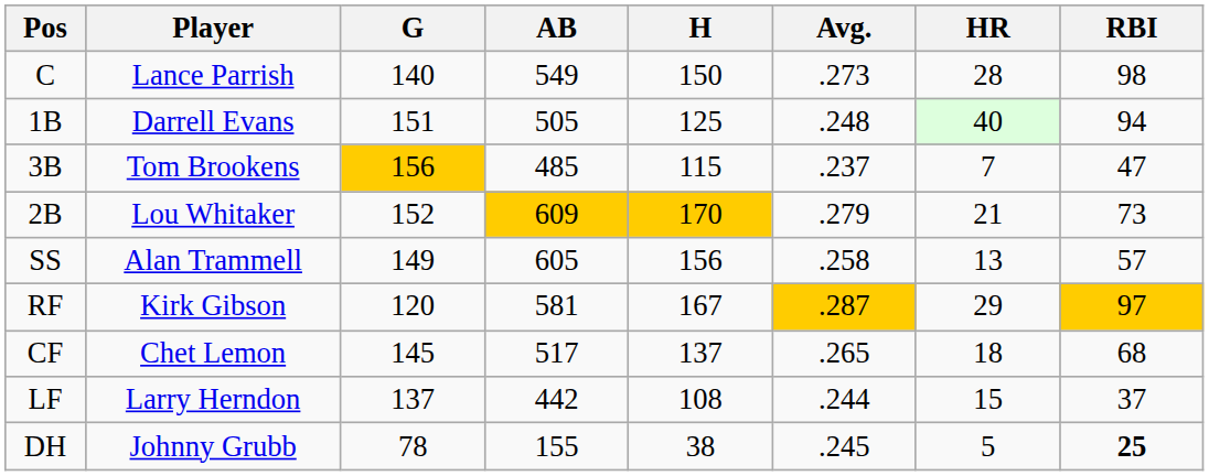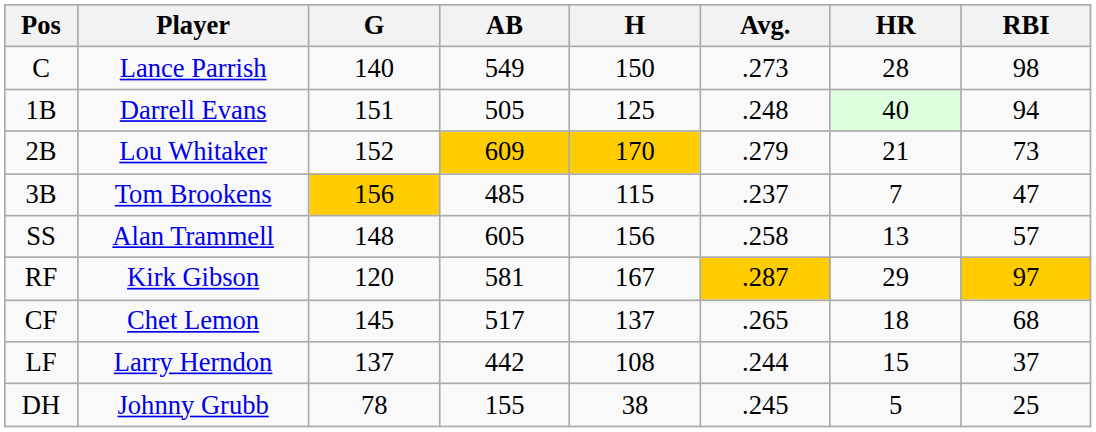 <table class="wikitable sortable">
 <tr>
 <th bgcolor="#DDDDFF" width="5%">Pos</th>
 <th bgcolor="#DDDDFF" width="16%">Player</th>
 <th bgcolor="#DDDDFF" width="9%">G</th>
 <th bgcolor="#DDDDFF" width="9%">AB</th>
 <th bgcolor="#DDDDFF" width="9%">H</th>
 <th bgcolor="#DDDDFF" width="9%">Avg.</th>
 <th bgcolor="#DDDDFF" width="9%">HR</th>
 <th bgcolor="#DDDDFF" width="9%">RBI</th>
 </tr>
 <tr align="center">
 <td>C</td>
 <td><a href='#'>Lance Parrish</a></td>
 <td>140</td>
 <td>549</td>
 <td>150</td>
 <td>.273</td>
 <td>28</td>
 <td>98</td>
 </tr>
 <tr align="center">
 <td>1B</td>
 <td><a href='#'>Darrell Evans</a></td>
 <td>151</td>
 <td>505</td>
 <td>125</td>
 <td>.248</td>
 <td style="background:#DDFFDD;">40</td>
 <td>94</td>
 </tr>
 <tr align="center">
+<td>2B</td>
+<td><a href='#'>Lou Whitaker</a></td>
+<td>152</td>
+<td style="background:#fc0;">609</td>
+<td style="background:#fc0;">170</td>
+<td>.279</td>
+<td>21</td>
+<td>73</td>
+</tr>
+<tr align="center">
 <td>3B</td>
 <td><a href='#'>Tom Brookens</a></td>
 <td style="background:#fc0;">156</td>
 <td>485</td>
 <td>115</td>
 <td>.237</td>
 <td>7</td>
 <td>47</td>
 </tr>
 <tr align="center">
-<td>2B</td>
-<td><a href='#'>Lou Whitaker</a></td>
-<td>152</td>
-<td style="background:#fc0;">609</td>
-<td style="background:#fc0;">170</td>
-<td>.279</td>
-<td>21</td>
-<td>73</td>
-</tr>
-<tr align="center">
 <td>SS</td>
 <td><a href='#'>Alan Trammell</a></td>
-<td>149</td>
+<td>148</td>
 <td>605</td>
 <td>156</td>
 <td>.258</td>
 <td>13</td>
 <td>57</td>
 </tr>
 <tr align="center">
 <td>RF</td>
 <td><a href='#'>Kirk Gibson</a></td>
 <td>120</td>
 <td>581</td>
 <td>167</td>
 <td style="background:#fc0;">.287</td>
 <td>29</td>
 <td style="background:#fc0;">97</td>
 </tr>
 <tr align="center">
 <td>CF</td>
 <td><a href='#'>Chet Lemon</a></td>
 <td>145</td>
 <td>517</td>
 <td>137</td>
 <td>.265</td>
 <td>18</td>
 <td>68</td>
 </tr>
 <tr align="center">
 <td>LF</td>
 <td><a href='#'>Larry Herndon</a></td>
 <td>137</td>
 <td>442</td>
 <td>108</td>
 <td>.244</td>
 <td>15</td>
 <td>37</td>
 </tr>
 <tr align="center">
 <td>DH</td>
 <td><a href='#'>Johnny Grubb</a></td>
 <td>78</td>
 <td>155</td>
 <td>38</td>
 <td>.245</td>
 <td>5</td>
-<td><strong>25</strong></td>
+<td>25</td>
 </tr>
 </table>
